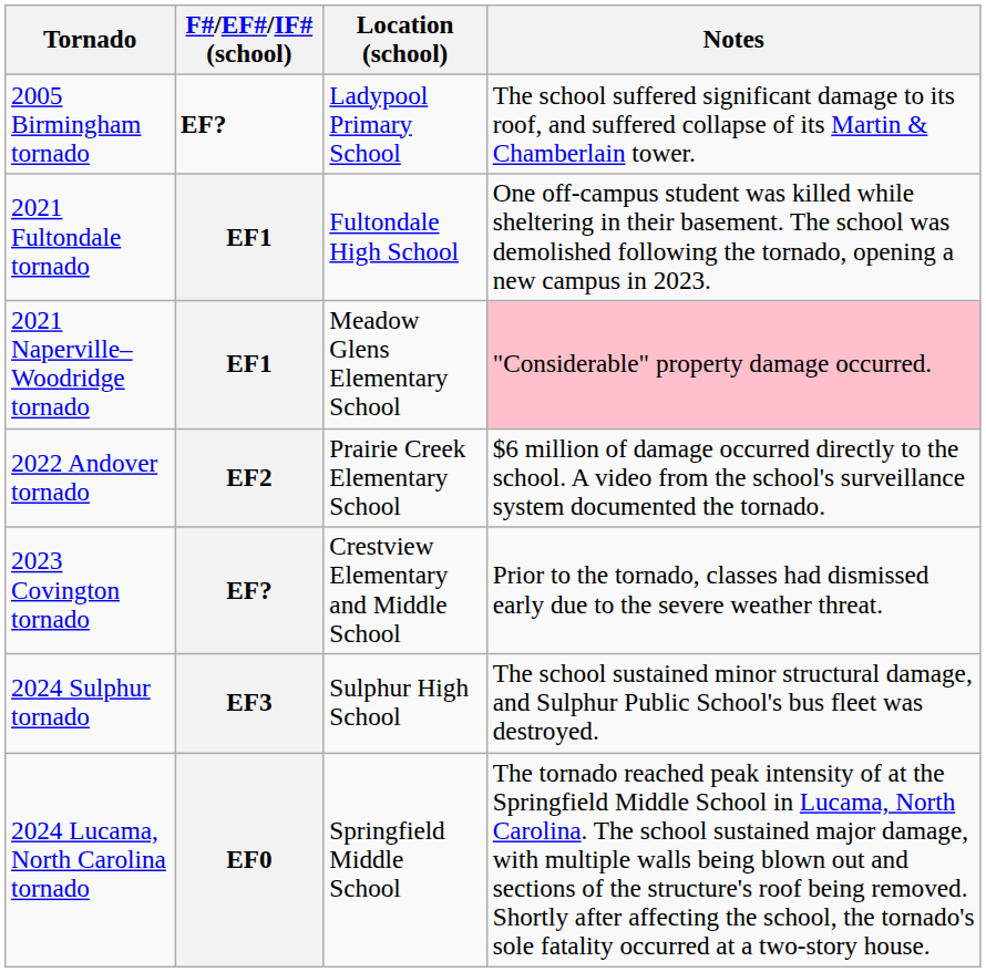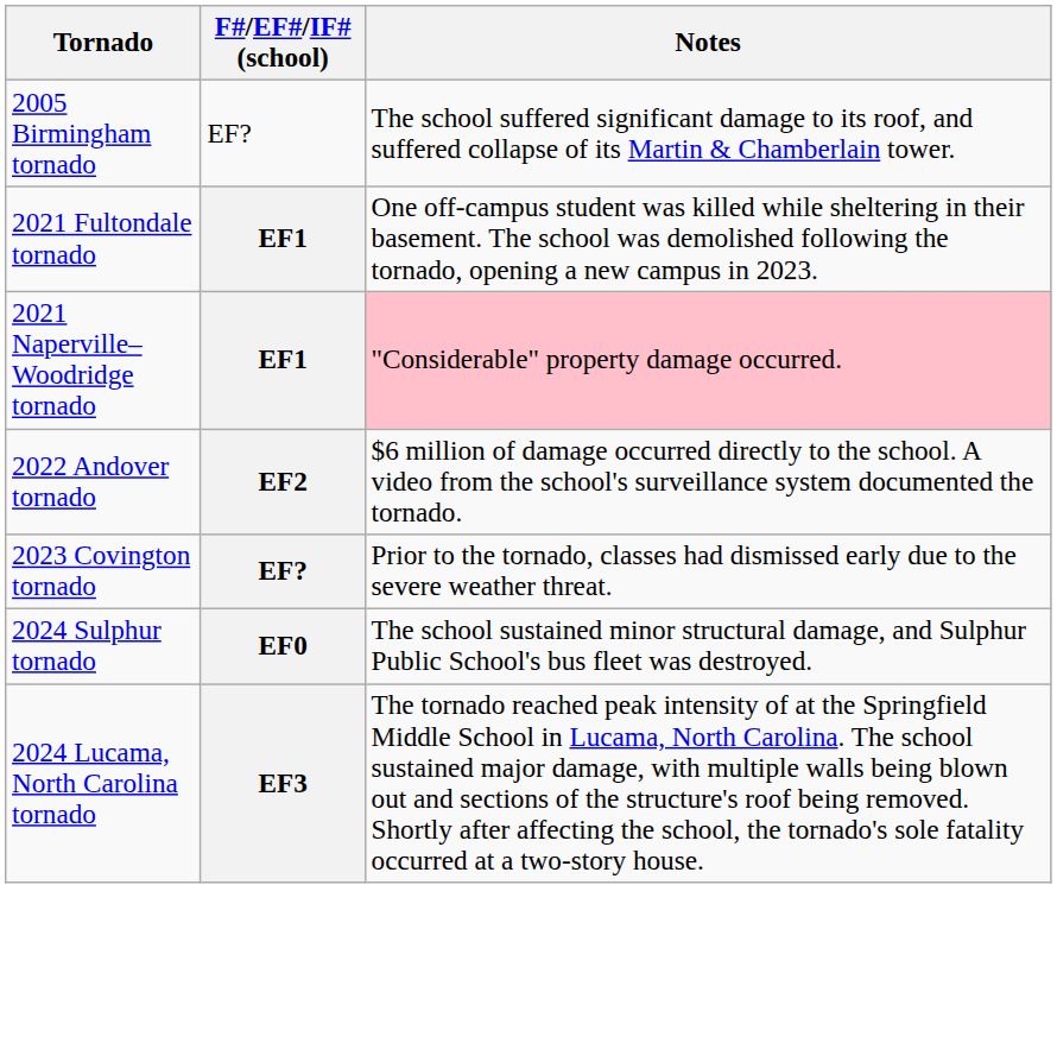 <table class="wikitable">
 <tr>
 <th>Tornado</th>
 <th><a href='#'>F#</a><strong>/</strong><a href='#'>EF#</a><strong>/</strong><a href='#'>IF#</a> (school)</th>
-<th>Location (school)</th>
 <th>Notes</th>
 </tr>
 <tr>
 <td><a href='#'>2005 Birmingham tornado</a></td>
-<td ! scope="row" rowspan="1" style="background-color:#"><strong>EF?</strong></td>
-<td><a href='#'>Ladypool Primary School</a></td>
+<td ! scope="row" rowspan="1" style="background-color:#">EF?</td>
 <td>The school suffered significant damage to its roof, and suffered collapse of its <a href='#'>Martin & Chamberlain</a> tower. </td>
 </tr>
 <tr>
 <td scope="row" rowspan="1"><a href='#'>2021 Fultondale tornado</a></td>
 <th scope="row" rowspan="1" style="background-color:#">EF1</th>
-<td><a href='#'>Fultondale High School</a></td>
 <td>One off-campus student was killed while sheltering in their basement. The school was demolished following the tornado, opening a new campus in 2023.</td>
 </tr>
 <tr>
 <td scope="row" rowspan="1"><a href='#'>2021 Naperville–Woodridge tornado</a></td>
 <th scope="row" rowspan="1" style="background-color:#">EF1</th>
-<td>Meadow Glens Elementary School</td>
 <td style="background: pink;">"Considerable" property damage occurred.</td>
 </tr>
 <tr>
 <td scope="row" rowspan="1"><a href='#'>2022 Andover tornado</a></td>
 <th scope="row" rowspan="1" style="background-color:#">EF2</th>
-<td>Prairie Creek Elementary School</td>
 <td>$6 million of damage occurred directly to the school. A video from the school's surveillance system documented the tornado.</td>
 </tr>
 <tr>
 <td scope="row" rowspan="1"><a href='#'>2023 Covington tornado</a></td>
 <th scope="row" rowspan="1" style="background-color:#">EF?</th>
-<td>Crestview Elementary and Middle School</td>
 <td>Prior to the tornado, classes had dismissed early due to the severe weather threat.</td>
 </tr>
 <tr>
 <td scope="row" rowspan="1"><a href='#'>2024 Sulphur tornado</a></td>
-<th scope="row" rowspan="1" style="background-color:#">EF3</th>
-<td>Sulphur High School</td>
+<th scope="row" rowspan="1" style="background-color:#">EF0</th>
 <td>The school sustained minor structural damage, and Sulphur Public School's bus fleet was destroyed.</td>
 </tr>
 <tr>
 <td scope="row" rowspan="1"><a href='#'>2024 Lucama, North Carolina tornado</a></td>
-<th scope="row" rowspan="1" style="background-color:#">EF0</th>
-<td>Springfield Middle School</td>
+<th scope="row" rowspan="1" style="background-color:#">EF3</th>
 <td>The tornado reached peak intensity of  at the Springfield Middle School in <a href='#'>Lucama, North Carolina</a>. The school sustained major damage, with multiple walls being blown out and sections of the structure's roof being removed. Shortly after affecting the school, the tornado's sole fatality occurred at a two-story house.</td>
 </tr>
 </table>
